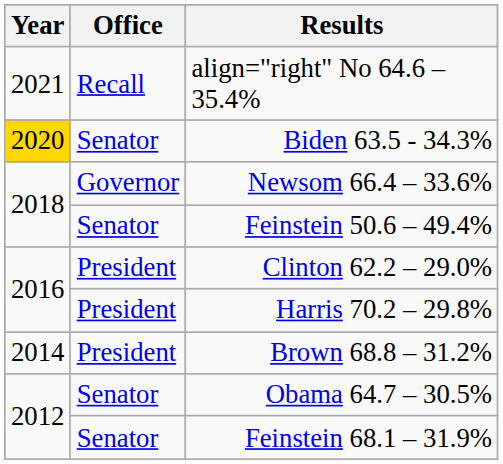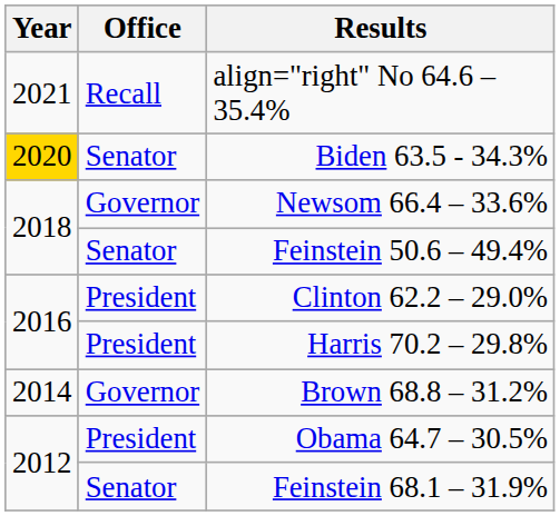 <table class=wikitable>
 <tr>
 <th width="30">Year</th>
 <th width="60">Office</th>
 <th width="180">Results</th>
 </tr>
 <tr>
 <td>2021</td>
 <td><a href='#'>Recall</a></td>
 <td>align="right"  No 64.6 – 35.4%</td>
 </tr>
 <tr>
 <td style="background: gold;">2020</td>
 <td><a href='#'>Senator</a></td>
 <td align="right" ><a href='#'>Biden</a> 63.5 - 34.3%</td>
 </tr>
 <tr>
 <td rowspan="2">2018</td>
 <td><a href='#'>Governor</a></td>
 <td align="right" ><a href='#'>Newsom</a> 66.4 – 33.6%</td>
 </tr>
 <tr>
 <td><a href='#'>Senator</a></td>
 <td align="right" ><a href='#'>Feinstein</a> 50.6 – 49.4%</td>
 </tr>
 <tr>
 <td rowspan="2">2016</td>
 <td><a href='#'>President</a></td>
 <td align="right" ><a href='#'>Clinton</a> 62.2 – 29.0%</td>
 </tr>
 <tr>
 <td><a href='#'>President</a></td>
 <td align="right" ><a href='#'>Harris</a> 70.2 – 29.8%</td>
 </tr>
 <tr>
 <td>2014</td>
-<td><a href='#'>President</a></td>
+<td><a href='#'>Governor</a></td>
 <td align="right" ><a href='#'>Brown</a> 68.8 – 31.2%</td>
 </tr>
 <tr>
 <td rowspan="2">2012</td>
-<td><a href='#'>Senator</a></td>
+<td><a href='#'>President</a></td>
 <td align="right" ><a href='#'>Obama</a> 64.7 – 30.5%</td>
 </tr>
 <tr>
 <td><a href='#'>Senator</a></td>
 <td align="right" ><a href='#'>Feinstein</a> 68.1 – 31.9%</td>
 </tr>
 </table>
